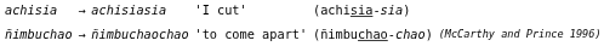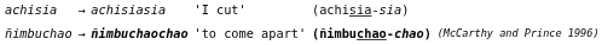 <table style="line-height: 1.4em;" cellpadding="2">
 <tr>
 <td> </td>
 <td> </td>
 <td><em>achisia</em></td>
 <td>→</td>
 <td><em>achisiasia</em></td>
 <td>'I cut'</td>
 <td>(achi<u>sia</u>-<em>sia</em>)</td>
 </tr>
 <tr>
 <td> </td>
 <td> </td>
 <td><em>ñimbuchao</em></td>
 <td>→</td>
-<td><em>ñimbuchaochao</em></td>
+<td><strong><em>ñimbuchaochao</em></strong></td>
 <td>'to come apart'</td>
-<td>(ñimbu<u>chao</u>-<em>chao</em>)</td>
+<td><strong>(ñimbu<u>chao</u>-<em>chao</em>)</strong></td>
 <td><small><cite>(McCarthy and Prince 1996)</cite></small></td>
 </tr>
 </table>
